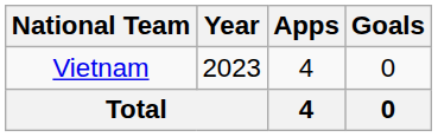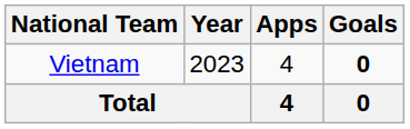 <table class="wikitable" style="text-align:center">
 <tr>
 <th>National Team</th>
 <th>Year</th>
 <th>Apps</th>
 <th>Goals</th>
 </tr>
 <tr>
 <td rowspan="1"><a href='#'>Vietnam</a></td>
 <td>2023</td>
 <td>4</td>
-<td>0</td>
+<td><strong>0</strong></td>
 </tr>
 <tr>
 <th colspan=2>Total</th>
 <th>4</th>
 <th>0</th>
 </tr>
 </table>
